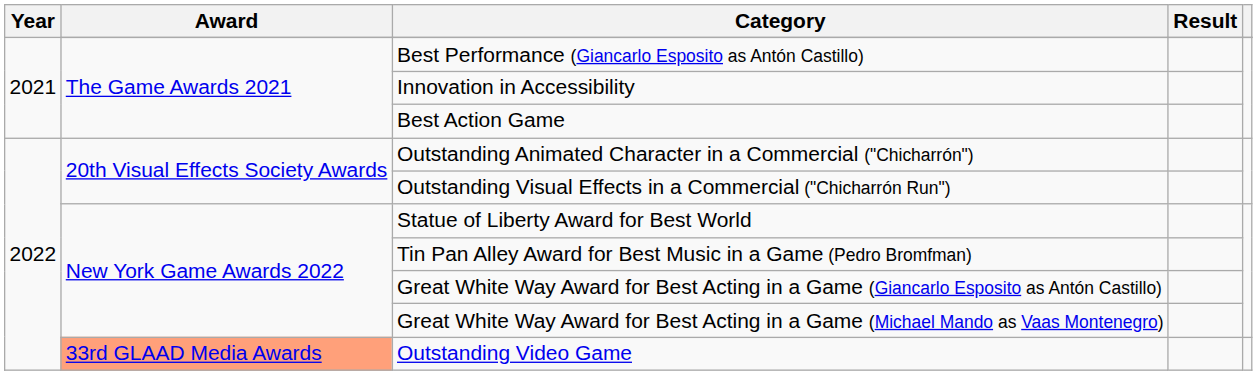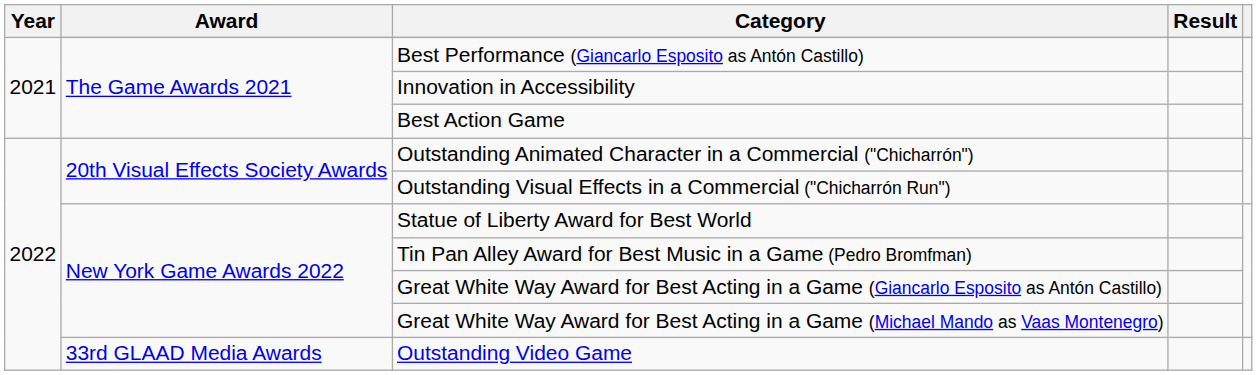 <table class="wikitable sortable">
 <tr>
 <th>Year</th>
 <th>Award</th>
 <th>Category</th>
 <th>Result</th>
 <th></th>
 </tr>
 <tr>
 <td rowspan="4" style="text-align:center;">2021</td>
 </tr>
 <tr>
 <td rowspan="3"><a href='#'>The Game Awards 2021</a></td>
 <td>Best Performance <small>(<a href='#'>Giancarlo Esposito</a> as Antón Castillo)</small></td>
 <td></td>
 <td rowspan="3" style="text-align:center;"></td>
 </tr>
 <tr>
 <td>Innovation in Accessibility</td>
 <td></td>
 </tr>
 <tr>
 <td>Best Action Game</td>
 <td></td>
 </tr>
 <tr>
 <td rowspan="7">2022</td>
 <td rowspan="2"><a href='#'>20th Visual Effects Society Awards</a></td>
 <td>Outstanding Animated Character in a Commercial <small>("Chicharrón")</small></td>
 <td></td>
 <td rowspan="2" style="text-align:center;"></td>
 </tr>
 <tr>
 <td>Outstanding Visual Effects in a Commercial<small> ("Chicharrón Run")</small></td>
 <td></td>
 </tr>
 <tr>
 <td rowspan="4"><a href='#'>New York Game Awards 2022</a></td>
 <td>Statue of Liberty Award for Best World</td>
 <td></td>
 <td rowspan="4" style="text-align:center;"></td>
 </tr>
 <tr>
 <td>Tin Pan Alley Award for Best Music in a Game<small> (Pedro Bromfman)</small></td>
 <td></td>
 </tr>
 <tr>
 <td>Great White Way Award for Best Acting in a Game <small>(<a href='#'>Giancarlo Esposito</a> as Antón Castillo)</small></td>
 <td></td>
 </tr>
 <tr>
 <td>Great White Way Award for Best Acting in a Game <small>(<a href='#'>Michael Mando</a> as <a href='#'>Vaas Montenegro</a>)</small></td>
 <td></td>
 </tr>
 <tr>
-<td style="background: lightsalmon;"><a href='#'>33rd GLAAD Media Awards</a></td>
+<td><a href='#'>33rd GLAAD Media Awards</a></td>
 <td rowspan="1"><a href='#'>Outstanding Video Game</a></td>
 <td></td>
 <td rowspan="1" style="text-align:center;"></td>
 </tr>
 </table>
